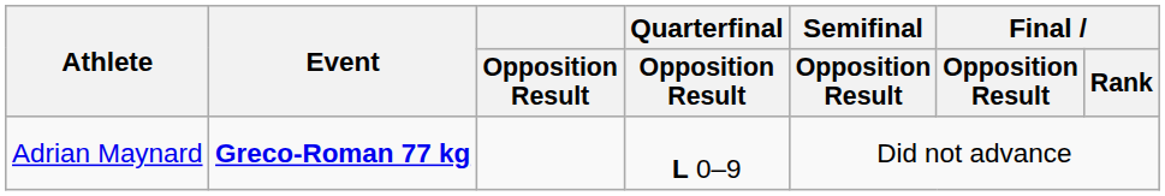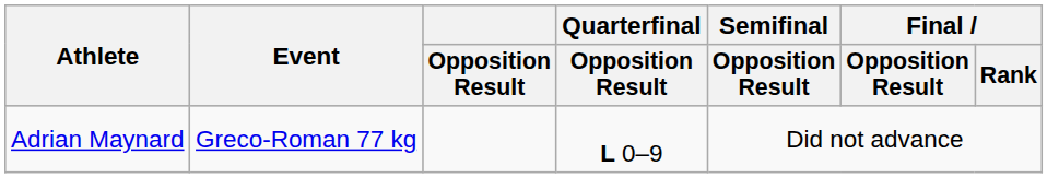 <table class=wikitable style=font-size:90%;text-align:center>
 <tr>
 <th rowspan=2>Athlete</th>
 <th rowspan=2>Event</th>
 <th></th>
 <th>Quarterfinal</th>
 <th>Semifinal</th>
 <th colspan=2>Final / </th>
 </tr>
 <tr style=font-size:95%>
 <th>Opposition<br>Result</th>
 <th>Opposition<br>Result</th>
 <th>Opposition<br>Result</th>
 <th>Opposition<br>Result</th>
 <th>Rank</th>
 </tr>
 <tr>
 <td align=left><a href='#'>Adrian Maynard</a></td>
-<td align=left><strong><a href='#'>Greco-Roman 77 kg</a></strong></td>
+<td align=left><a href='#'>Greco-Roman 77 kg</a></td>
 <td></td>
 <td><br><strong>L</strong> 0–9</td>
 <td colspan="3">Did not advance</td>
 </tr>
 </table>
